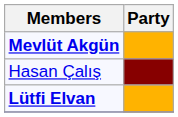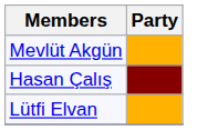 <table class=wikitable style="border:1px solid #8888aa; background-color:#f7f8ff; padding:0px; font-size:90%;">
 <tr>
 <th>Members</th>
 <th colspan="2">Party</th>
 </tr>
 <tr>
-<td><strong><a href='#'>Mevlüt Akgün</a></strong></td>
+<td><a href='#'>Mevlüt Akgün</a></td>
 <td style="background: #ffb300"></td>
 </tr>
 <tr>
 <td><a href='#'>Hasan Çalış</a></td>
 <td style="background: #870000"></td>
 </tr>
 <tr>
-<td><strong><a href='#'>Lütfi Elvan</a></strong></td>
+<td><a href='#'>Lütfi Elvan</a></td>
 <td style="background: #ffb300"></td>
 </tr>
 <tr>
 </tr>
 </table>
